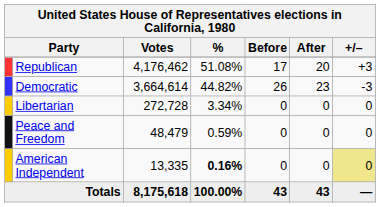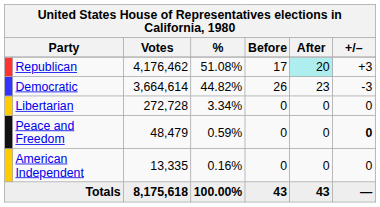 <table class="wikitable" style="font-size: 95%;">
 <tr>
 <th colspan="7">United States House of Representatives elections in California, 1980</th>
 </tr>
 <tr>
 <th colspan=2 style="width: 5em">Party</th>
 <th style="width: 5em">Votes</th>
 <th style="width: 3em">%</th>
 <th style="width: 3em">Before</th>
 <th style="width: 3em">After</th>
 <th style="width: 3em">+/–</th>
 </tr>
 <tr>
 </tr>
 <tr>
 <th style="background-color:#FF3333; width: 3px"></th>
 <td style="width: 130px"><a href='#'>Republican</a></td>
 <td align="right">4,176,462</td>
 <td align="right">51.08%</td>
 <td align="right">17</td>
-<td align="right">20</td>
+<td align="right" style="background: paleturquoise;">20</td>
 <td align="right">+3</td>
 </tr>
 <tr>
 <th style="background-color:#3333FF; width: 3px"></th>
 <td style="width: 130px"><a href='#'>Democratic</a></td>
 <td align="right">3,664,614</td>
 <td align="right">44.82%</td>
 <td align="right">26</td>
 <td align="right">23</td>
 <td align="right">-3</td>
 </tr>
 <tr>
 <th style="background-color:#FFCC00; width: 3px"></th>
 <td style="width: 130px"><a href='#'>Libertarian</a></td>
 <td align="right">272,728</td>
 <td align="right">3.34%</td>
 <td align="right">0</td>
 <td align="right">0</td>
 <td align="right">0</td>
 </tr>
 <tr>
 <th style="background-color:#111111; width: 3px"></th>
 <td style="width: 130px"><a href='#'>Peace and Freedom</a></td>
 <td align="right">48,479</td>
 <td align="right">0.59%</td>
 <td align="right">0</td>
 <td align="right">0</td>
-<td align="right">0</td>
+<td align="right"><strong>0</strong></td>
 </tr>
 <tr>
 <th style="background-color:#FFCC00; width: 3px"></th>
 <td style="width: 130px"><a href='#'>American Independent</a></td>
 <td align="right">13,335</td>
-<td align="right"><strong>0.16%</strong></td>
+<td align="right">0.16%</td>
 <td align="right">0</td>
 <td align="right">0</td>
-<td align="right" style="background: khaki;">0</td>
+<td align="right">0</td>
 </tr>
 <tr bgcolor="#EEEEEE">
 <td colspan="2" align="right"><strong>Totals</strong></td>
 <td align="right"><strong>8,175,618</strong></td>
 <td align="right"><strong>100.00%</strong></td>
 <td align="right"><strong>43</strong></td>
 <td align="right"><strong>43</strong></td>
 <td align="right"><strong>—</strong></td>
 </tr>
 </table>
